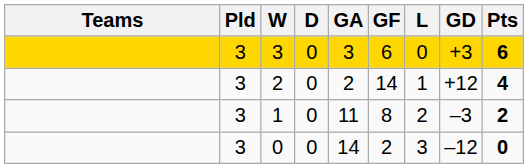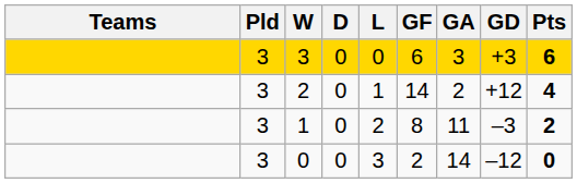 <table class="wikitable" style="text-align: center;">
 <tr>
 <th width=165>Teams</th>
 <th width=20>Pld</th>
 <th width=20>W</th>
 <th width=20>D</th>
+<th width=20>L</th>
+<th width=20>GF</th>
 <th width=20>GA</th>
-<th width=20>GF</th>
-<th width=20>L</th>
 <th width=20>GD</th>
 <th width=20>Pts</th>
 </tr>
 <tr align=center style="background:gold">
 <td style="text-align:left;"></td>
 <td>3</td>
 <td>3</td>
 <td>0</td>
+<td>0</td>
+<td>6</td>
 <td>3</td>
-<td>6</td>
-<td>0</td>
 <td>+3</td>
 <td><strong>6</strong></td>
 </tr>
 <tr align=center>
 <td style="text-align:left;"></td>
 <td>3</td>
 <td>2</td>
 <td>0</td>
+<td>1</td>
+<td>14</td>
 <td>2</td>
-<td>14</td>
-<td>1</td>
 <td>+12</td>
 <td><strong>4</strong></td>
 </tr>
 <tr align=center>
 <td style="text-align:left;"></td>
 <td>3</td>
 <td>1</td>
 <td>0</td>
+<td>2</td>
+<td>8</td>
 <td>11</td>
-<td>8</td>
-<td>2</td>
 <td>–3</td>
 <td><strong>2</strong></td>
 </tr>
 <tr align=center>
 <td style="text-align:left;"></td>
 <td>3</td>
 <td>0</td>
 <td>0</td>
+<td>3</td>
+<td>2</td>
 <td>14</td>
-<td>2</td>
-<td>3</td>
 <td>–12</td>
 <td><strong>0</strong></td>
 </tr>
 </table>
